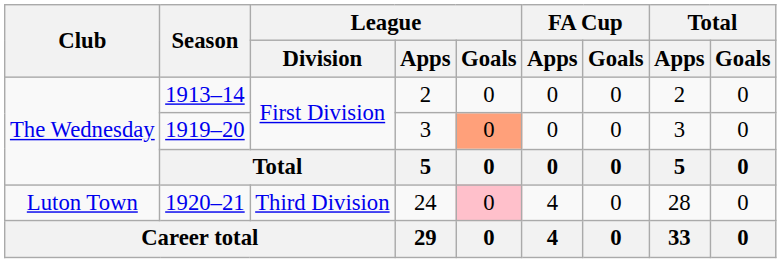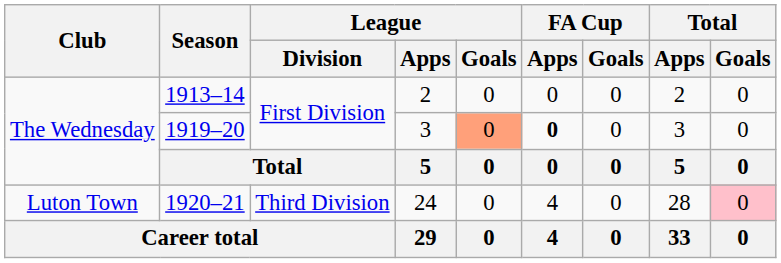 <table class="wikitable" style="text-align: center;">
 <tr>
 <th rowspan="2">Club</th>
 <th rowspan="2">Season</th>
 <th colspan="3">League</th>
 <th colspan="2">FA Cup</th>
 <th colspan="2">Total</th>
 </tr>
 <tr>
 <th>Division</th>
 <th>Apps</th>
 <th>Goals</th>
 <th>Apps</th>
 <th>Goals</th>
 <th>Apps</th>
 <th>Goals</th>
 </tr>
 <tr>
 <td rowspan="3"><a href='#'>The Wednesday</a></td>
 <td><a href='#'>1913–14</a></td>
 <td rowspan="2"><a href='#'>First Division</a></td>
 <td>2</td>
 <td>0</td>
 <td>0</td>
 <td>0</td>
 <td>2</td>
 <td>0</td>
 </tr>
 <tr>
 <td><a href='#'>1919–20</a></td>
 <td>3</td>
 <td style="background: lightsalmon;">0</td>
-<td>0</td>
+<td><strong>0</strong></td>
 <td>0</td>
 <td>3</td>
 <td>0</td>
 </tr>
 <tr>
 <th colspan="2">Total</th>
 <th>5</th>
 <th>0</th>
 <th>0</th>
 <th>0</th>
 <th>5</th>
 <th>0</th>
 </tr>
 <tr>
 <td><a href='#'>Luton Town</a></td>
 <td><a href='#'>1920–21</a></td>
 <td><a href='#'>Third Division</a></td>
 <td>24</td>
-<td style="background: pink;">0</td>
+<td>0</td>
 <td>4</td>
 <td>0</td>
 <td>28</td>
-<td>0</td>
+<td style="background: pink;">0</td>
 </tr>
 <tr>
 <th colspan="3">Career total</th>
 <th>29</th>
 <th>0</th>
 <th>4</th>
 <th>0</th>
 <th>33</th>
 <th>0</th>
 </tr>
 </table>
